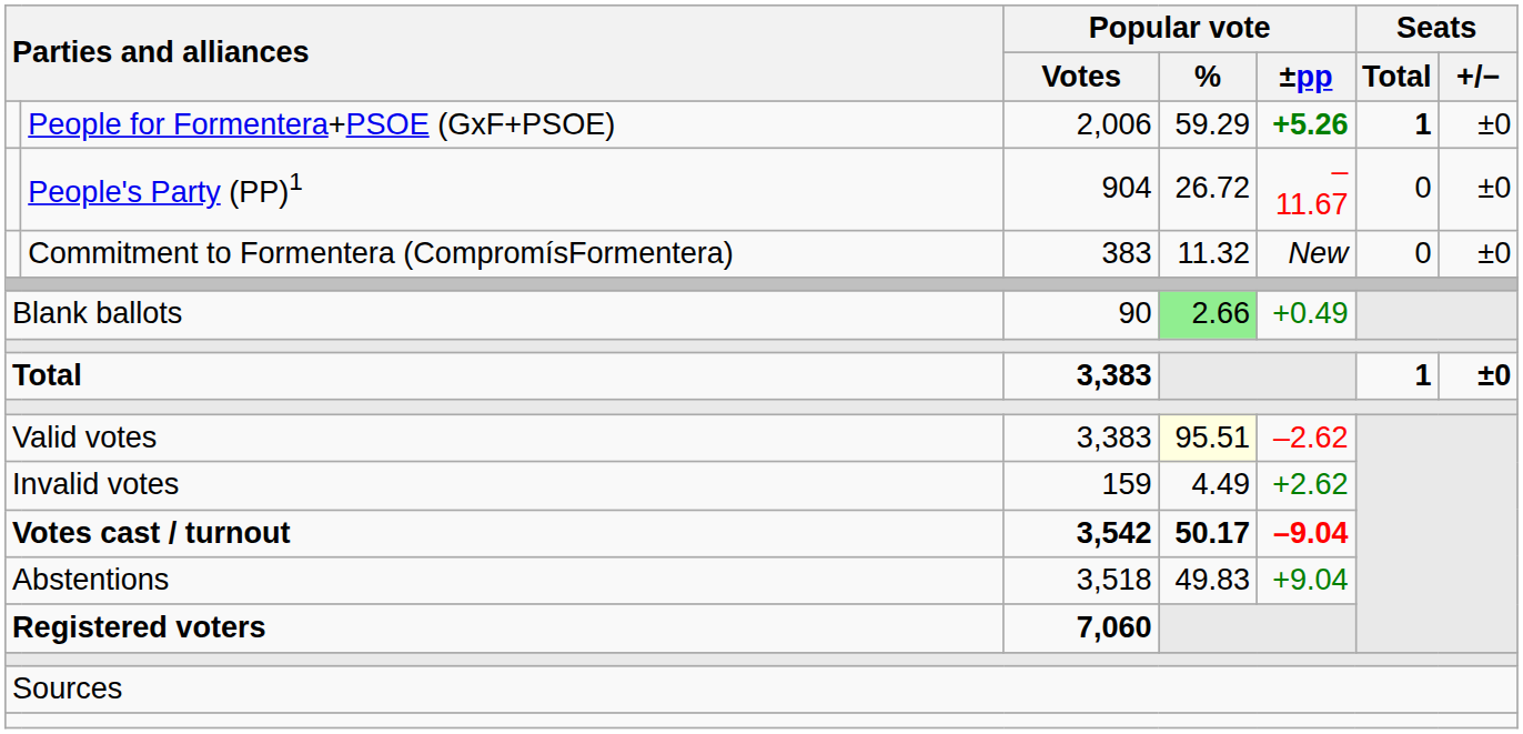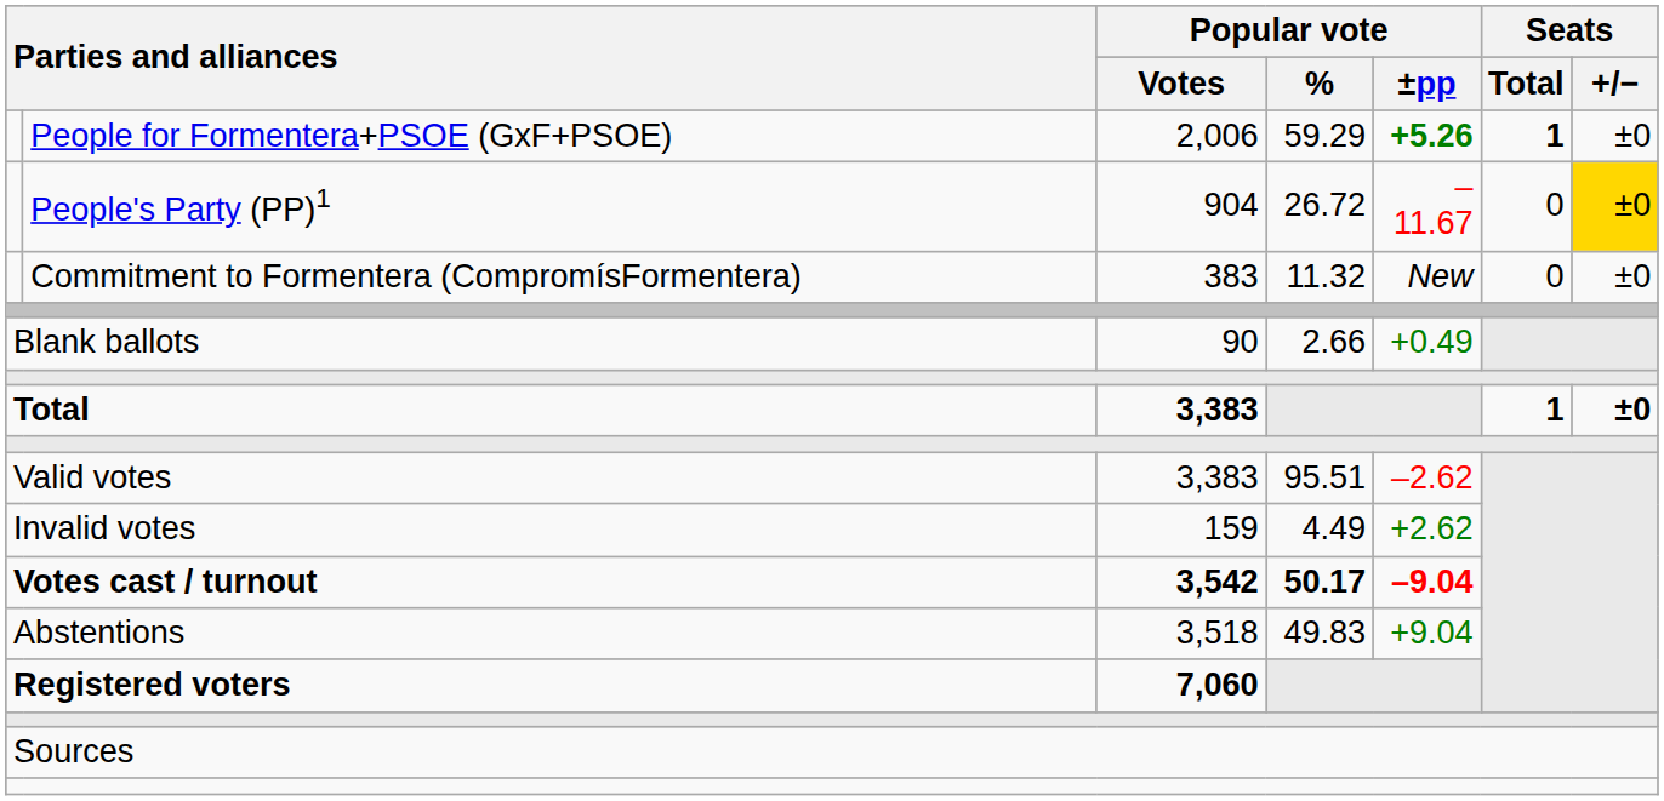 <table class="wikitable" style="text-align:right;">
 <tr>
 <th style="text-align:left;" rowspan="2" colspan="2" width="525">Parties and alliances</th>
 <th colspan="3">Popular vote</th>
 <th colspan="2">Seats</th>
 </tr>
 <tr>
 <th width="75">Votes</th>
 <th width="45">%</th>
 <th width="45">±<a href='#'>pp</a></th>
 <th width="35">Total</th>
 <th width="35">+/−</th>
 </tr>
 <tr>
 <td width="1" style="color:inherit;background:"></td>
 <td align="left"><a href='#'>People for Formentera</a>+<a href='#'>PSOE</a> (GxF+PSOE)</td>
 <td>2,006</td>
 <td>59.29</td>
 <td style="color:green;"><strong>+5.26</strong></td>
 <td><strong>1</strong></td>
 <td>±0</td>
 </tr>
 <tr>
 <td style="color:inherit;background:"></td>
 <td align="left"><a href='#'>People's Party</a> (PP)<sup>1</sup></td>
 <td>904</td>
 <td>26.72</td>
 <td style="color:red;">–11.67</td>
 <td>0</td>
-<td>±0</td>
+<td style="background: gold;">±0</td>
 </tr>
 <tr>
 <td style="color:inherit;background:"></td>
 <td align="left">Commitment to Formentera (CompromísFormentera)</td>
 <td>383</td>
 <td>11.32</td>
 <td><em>New</em></td>
 <td>0</td>
 <td>±0</td>
 </tr>
 <tr>
 <td colspan="7" bgcolor="#C0C0C0"></td>
 </tr>
 <tr>
 <td align="left" colspan="2">Blank ballots</td>
 <td>90</td>
-<td style="background: lightgreen;">2.66</td>
+<td>2.66</td>
 <td style="color:green;">+0.49</td>
 <td bgcolor="#E9E9E9" colspan="2"></td>
 </tr>
 <tr>
 <td colspan="7" bgcolor="#E9E9E9"></td>
 </tr>
 <tr style="font-weight:bold;">
 <td align="left" colspan="2">Total</td>
 <td>3,383</td>
 <td bgcolor="#E9E9E9" colspan="2"></td>
 <td>1</td>
 <td>±0</td>
 </tr>
 <tr>
 <td colspan="7" bgcolor="#E9E9E9"></td>
 </tr>
 <tr>
 <td align="left" colspan="2">Valid votes</td>
 <td>3,383</td>
-<td style="background: lightyellow;">95.51</td>
+<td>95.51</td>
 <td style="color:red;">–2.62</td>
 <td bgcolor="#E9E9E9" colspan="2" rowspan="5"></td>
 </tr>
 <tr>
 <td align="left" colspan="2">Invalid votes</td>
 <td>159</td>
 <td>4.49</td>
 <td style="color:green;">+2.62</td>
 </tr>
 <tr style="font-weight:bold;">
 <td align="left" colspan="2">Votes cast / turnout</td>
 <td>3,542</td>
 <td>50.17</td>
 <td style="color:red;">–9.04</td>
 </tr>
 <tr>
 <td align="left" colspan="2">Abstentions</td>
 <td>3,518</td>
 <td>49.83</td>
 <td style="color:green;">+9.04</td>
 </tr>
 <tr style="font-weight:bold;">
 <td align="left" colspan="2">Registered voters</td>
 <td>7,060</td>
 <td bgcolor="#E9E9E9" colspan="2"></td>
 </tr>
 <tr>
 <td colspan="7" bgcolor="#E9E9E9"></td>
 </tr>
 <tr>
 <td align="left" colspan="7">Sources</td>
 </tr>
 <tr>
 <td colspan="7" style="text-align:left; max-width:790px;"></td>
 </tr>
 </table>
